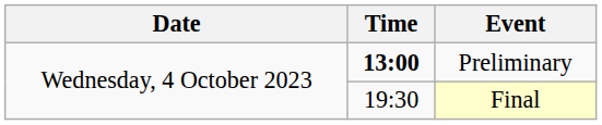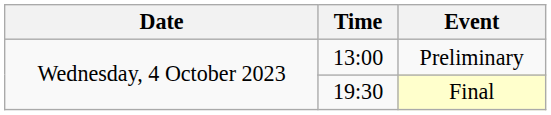 <table class = "wikitable" style="text-align:center;">
 <tr>
 <th width=220>Date</th>
 <th width=50>Time</th>
 <th width=100>Event</th>
 </tr>
 <tr>
 <td rowspan=2>Wednesday, 4 October 2023</td>
-<td><strong>13:00</strong></td>
+<td>13:00</td>
 <td>Preliminary</td>
 </tr>
 <tr>
 <td>19:30</td>
 <td bgcolor=ffffcc>Final</td>
 </tr>
 </table>
